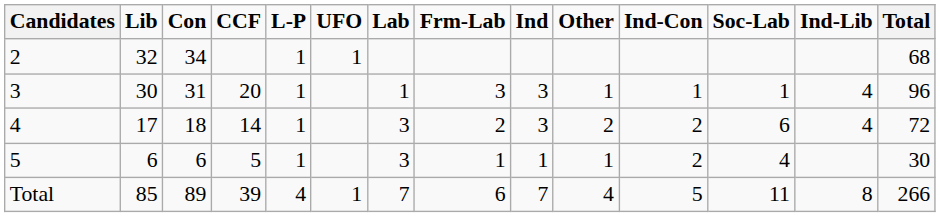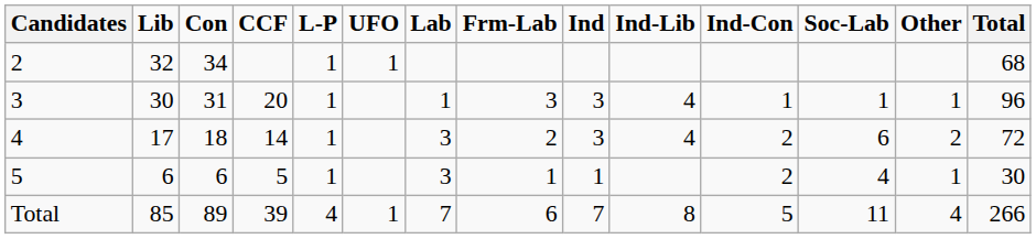 <table class="wikitable" style="text-align:right;">
 <tr>
 <th>Candidates</th>
 <td><strong>Lib</strong></td>
 <td><strong>Con</strong></td>
 <td><strong>CCF</strong></td>
 <td><strong>L-P</strong></td>
 <td><strong>UFO</strong></td>
 <td><strong>Lab</strong></td>
 <td><strong>Frm-Lab</strong></td>
 <td><strong>Ind</strong></td>
-<td><strong>Other</strong></td>
+<td><strong>Ind-Lib</strong></td>
 <td><strong>Ind-Con</strong></td>
 <td><strong>Soc-Lab</strong></td>
-<td><strong>Ind-Lib</strong></td>
+<td><strong>Other</strong></td>
 <th>Total</th>
 </tr>
 <tr>
 <td style="text-align:left;">2</td>
 <td>32</td>
 <td>34</td>
 <td></td>
 <td>1</td>
 <td>1</td>
 <td></td>
 <td></td>
 <td></td>
 <td></td>
 <td></td>
 <td></td>
 <td></td>
 <td>68</td>
 </tr>
 <tr>
 <td style="text-align:left;">3</td>
 <td>30</td>
 <td>31</td>
 <td>20</td>
 <td>1</td>
 <td></td>
 <td>1</td>
 <td>3</td>
 <td>3</td>
+<td>4</td>
 <td>1</td>
 <td>1</td>
 <td>1</td>
-<td>4</td>
 <td>96</td>
 </tr>
 <tr>
 <td style="text-align:left;">4</td>
 <td>17</td>
 <td>18</td>
 <td>14</td>
 <td>1</td>
 <td></td>
 <td>3</td>
 <td>2</td>
 <td>3</td>
-<td>2</td>
+<td>4</td>
 <td>2</td>
 <td>6</td>
-<td>4</td>
+<td>2</td>
 <td>72</td>
 </tr>
 <tr>
 <td style="text-align:left;">5</td>
 <td>6</td>
 <td>6</td>
 <td>5</td>
 <td>1</td>
 <td></td>
 <td>3</td>
 <td>1</td>
 <td>1</td>
-<td>1</td>
+<td></td>
 <td>2</td>
 <td>4</td>
-<td></td>
+<td>1</td>
 <td>30</td>
 </tr>
 <tr>
 <td style="text-align:left;">Total</td>
 <td>85</td>
 <td>89</td>
 <td>39</td>
 <td>4</td>
 <td>1</td>
 <td>7</td>
 <td>6</td>
 <td>7</td>
-<td>4</td>
+<td>8</td>
 <td>5</td>
 <td>11</td>
-<td>8</td>
+<td>4</td>
 <td>266</td>
 </tr>
 </table>
